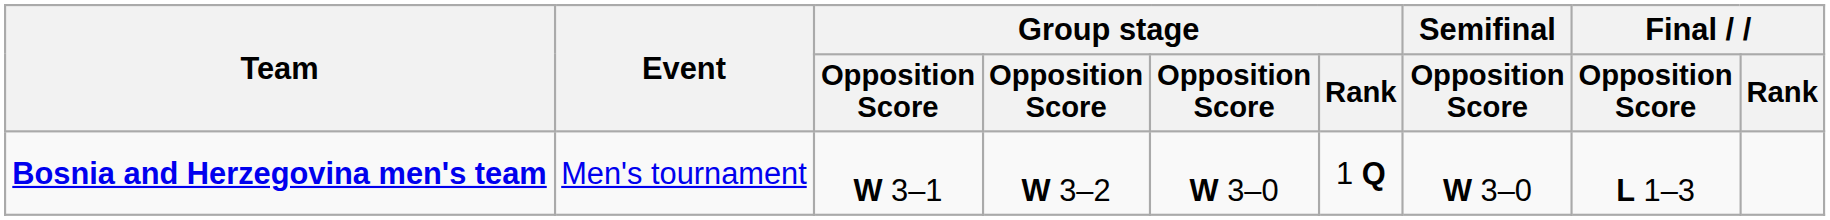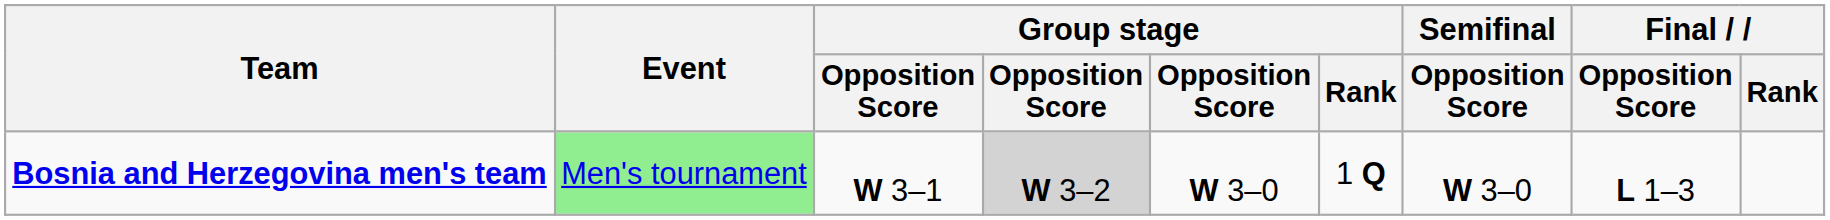 <table class="wikitable" style="font-size:90%">
 <tr>
 <th rowspan=2>Team</th>
 <th rowspan=2>Event</th>
 <th colspan=4>Group stage</th>
 <th>Semifinal</th>
 <th colspan=2>Final /  / </th>
 </tr>
 <tr style="font-size:95%">
 <th>Opposition<br>Score</th>
 <th>Opposition<br>Score</th>
 <th>Opposition<br>Score</th>
 <th>Rank</th>
 <th>Opposition<br>Score</th>
 <th>Opposition<br>Score</th>
 <th>Rank</th>
 </tr>
 <tr align=center>
 <td align=left><strong><a href='#'>Bosnia and Herzegovina men's team</a> </strong></td>
-<td align=left><a href='#'>Men's tournament</a></td>
+<td align=left style="background: lightgreen;"><a href='#'>Men's tournament</a></td>
 <td><br><strong>W</strong> 3–1</td>
-<td><br><strong>W</strong> 3–2</td>
+<td style="background: lightgrey;"><br><strong>W</strong> 3–2</td>
 <td><br><strong>W</strong> 3–0</td>
 <td>1 <strong>Q</strong></td>
 <td><br><strong>W</strong> 3–0</td>
 <td><br><strong>L</strong> 1–3</td>
 <td></td>
 </tr>
 </table>
